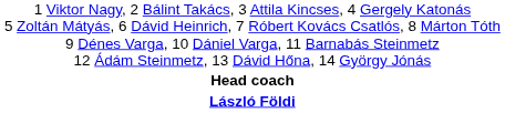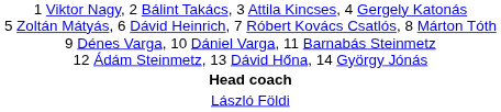 <table style="text-align: center; margin-top: 2em; margin-left: auto; margin-right: auto">
 <tr>
 <td>1 <a href='#'>Viktor Nagy</a>, 2 <a href='#'>Bálint Takács</a>, 3 <a href='#'>Attila Kincses</a>, 4 <a href='#'>Gergely Katonás</a><br>5 <a href='#'>Zoltán Mátyás</a>, 6 <a href='#'>Dávid Heinrich</a>, 7 <a href='#'>Róbert Kovács Csatlós</a>, 8 <a href='#'>Márton Tóth</a><br> 9 <a href='#'>Dénes Varga</a>, 10 <a href='#'>Dániel Varga</a>, 11 <a href='#'>Barnabás Steinmetz</a><br>12 <a href='#'>Ádám Steinmetz</a>, 13 <a href='#'>Dávid Hőna</a>, 14 <a href='#'>György Jónás</a></td>
 </tr>
 <tr>
 <td><strong>Head coach</strong></td>
 </tr>
 <tr>
-<td><strong><a href='#'>László Földi</a></strong></td>
+<td><a href='#'>László Földi</a></td>
 </tr>
 </table>
